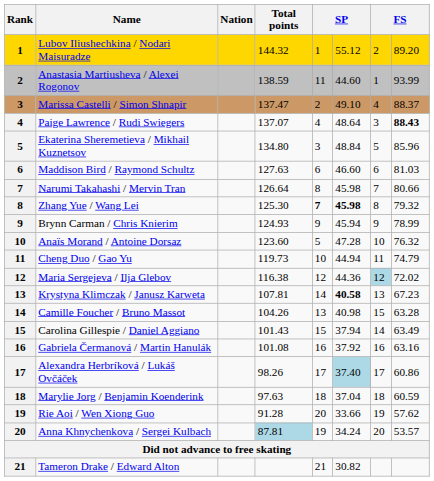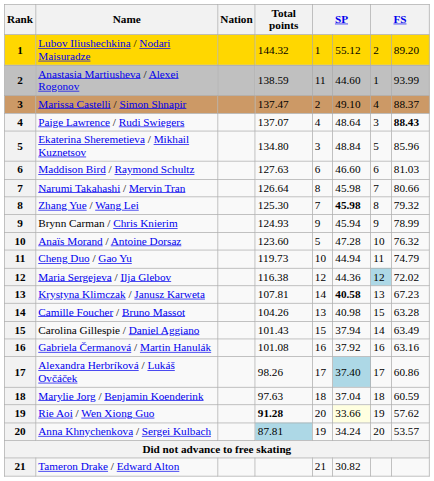 <table class="wikitable">
 <tr>
 <th>Rank</th>
 <th>Name</th>
 <th>Nation</th>
 <th>Total points</th>
 <th colspan="2" width="80px"><a href='#'>SP</a></th>
 <th colspan="2" width="80px"><a href='#'>FS</a></th>
 </tr>
 <tr bgcolor=gold>
 <td align=center><strong>1</strong></td>
 <td><a href='#'>Lubov Iliushechkina</a> / <a href='#'>Nodari Maisuradze</a></td>
 <td></td>
 <td>144.32</td>
 <td>1</td>
 <td>55.12</td>
 <td>2</td>
 <td>89.20</td>
 </tr>
 <tr bgcolor=silver>
 <td align=center><strong>2</strong></td>
 <td><a href='#'>Anastasia Martiusheva</a> / <a href='#'>Alexei Rogonov</a></td>
 <td></td>
 <td>138.59</td>
 <td>11</td>
 <td>44.60</td>
 <td>1</td>
 <td>93.99</td>
 </tr>
 <tr bgcolor=cc9966>
 <td align=center><strong>3</strong></td>
 <td><a href='#'>Marissa Castelli</a> / <a href='#'>Simon Shnapir</a></td>
 <td></td>
 <td>137.47</td>
 <td>2</td>
 <td>49.10</td>
 <td>4</td>
 <td>88.37</td>
 </tr>
 <tr>
 <th>4</th>
 <td><a href='#'>Paige Lawrence</a> / <a href='#'>Rudi Swiegers</a></td>
 <td></td>
 <td>137.07</td>
 <td>4</td>
 <td>48.64</td>
 <td>3</td>
 <td><strong>88.43</strong></td>
 </tr>
 <tr>
 <th>5</th>
 <td><a href='#'>Ekaterina Sheremetieva</a> / <a href='#'>Mikhail Kuznetsov</a></td>
 <td></td>
 <td>134.80</td>
 <td>3</td>
 <td>48.84</td>
 <td>5</td>
 <td>85.96</td>
 </tr>
 <tr>
 <th>6</th>
 <td><a href='#'>Maddison Bird</a> / <a href='#'>Raymond Schultz</a></td>
 <td></td>
 <td>127.63</td>
 <td>6</td>
 <td>46.60</td>
 <td>6</td>
 <td>81.03</td>
 </tr>
 <tr>
 <th>7</th>
 <td><a href='#'>Narumi Takahashi</a> / <a href='#'>Mervin Tran</a></td>
 <td></td>
 <td>126.64</td>
 <td>8</td>
 <td>45.98</td>
 <td>7</td>
 <td>80.66</td>
 </tr>
 <tr>
 <th>8</th>
 <td><a href='#'>Zhang Yue</a> / <a href='#'>Wang Lei</a></td>
 <td></td>
 <td>125.30</td>
-<td><strong>7</strong></td>
+<td>7</td>
 <td><strong>45.98</strong></td>
 <td>8</td>
 <td>79.32</td>
 </tr>
 <tr>
 <th>9</th>
 <td>Brynn Carman / <a href='#'>Chris Knierim</a></td>
 <td></td>
 <td>124.93</td>
 <td>9</td>
 <td>45.94</td>
 <td>9</td>
 <td>78.99</td>
 </tr>
 <tr>
 <th>10</th>
 <td><a href='#'>Anaïs Morand</a> / <a href='#'>Antoine Dorsaz</a></td>
 <td></td>
 <td>123.60</td>
 <td>5</td>
 <td>47.28</td>
 <td>10</td>
 <td>76.32</td>
 </tr>
 <tr>
 <th>11</th>
 <td><a href='#'>Cheng Duo</a> / <a href='#'>Gao Yu</a></td>
 <td></td>
 <td>119.73</td>
 <td>10</td>
 <td>44.94</td>
 <td>11</td>
 <td>74.79</td>
 </tr>
 <tr>
 <th>12</th>
 <td><a href='#'>Maria Sergejeva</a> / <a href='#'>Ilja Glebov</a></td>
 <td></td>
 <td>116.38</td>
 <td>12</td>
 <td>44.36</td>
 <td style="background: lightblue;">12</td>
 <td>72.02</td>
 </tr>
 <tr>
 <th>13</th>
 <td><a href='#'>Krystyna Klimczak</a> / <a href='#'>Janusz Karweta</a></td>
 <td></td>
 <td>107.81</td>
 <td>14</td>
 <td><strong>40.58</strong></td>
 <td>13</td>
 <td>67.23</td>
 </tr>
 <tr>
 <th>14</th>
 <td><a href='#'>Camille Foucher</a> / <a href='#'>Bruno Massot</a></td>
 <td></td>
 <td>104.26</td>
 <td>13</td>
 <td>40.98</td>
 <td>15</td>
 <td>63.28</td>
 </tr>
 <tr>
 <th>15</th>
 <td>Carolina Gillespie / <a href='#'>Daniel Aggiano</a></td>
 <td></td>
 <td>101.43</td>
 <td>15</td>
 <td>37.94</td>
 <td>14</td>
 <td>63.49</td>
 </tr>
 <tr>
 <th>16</th>
 <td><a href='#'>Gabriela Čermanová</a> / <a href='#'>Martin Hanulák</a></td>
 <td></td>
 <td>101.08</td>
 <td>16</td>
 <td>37.92</td>
 <td>16</td>
 <td>63.16</td>
 </tr>
 <tr>
 <th>17</th>
 <td><a href='#'>Alexandra Herbríková</a> / <a href='#'>Lukáš Ovčáček</a></td>
 <td></td>
 <td>98.26</td>
 <td>17</td>
 <td style="background: lightblue;">37.40</td>
 <td>17</td>
 <td>60.86</td>
 </tr>
 <tr>
 <th>18</th>
 <td><a href='#'>Marylie Jorg</a> / <a href='#'>Benjamin Koenderink</a></td>
 <td></td>
 <td>97.63</td>
 <td>18</td>
 <td>37.04</td>
 <td>18</td>
 <td>60.59</td>
 </tr>
 <tr>
 <th>19</th>
 <td><a href='#'>Rie Aoi</a> / <a href='#'>Wen Xiong Guo</a></td>
 <td></td>
-<td>91.28</td>
+<td><strong>91.28</strong></td>
 <td>20</td>
-<td>33.66</td>
+<td style="background: lightyellow;">33.66</td>
 <td>19</td>
 <td>57.62</td>
 </tr>
 <tr>
 <th>20</th>
 <td><a href='#'>Anna Khnychenkova</a> / <a href='#'>Sergei Kulbach</a></td>
 <td></td>
 <td style="background: lightblue;">87.81</td>
 <td>19</td>
 <td>34.24</td>
 <td>20</td>
 <td>53.57</td>
 </tr>
 <tr>
 <th colspan=8>Did not advance to free skating</th>
 </tr>
 <tr>
 <th>21</th>
 <td><a href='#'>Tameron Drake</a> / <a href='#'>Edward Alton</a></td>
 <td></td>
 <td></td>
 <td>21</td>
 <td>30.82</td>
 <td></td>
 <td></td>
 </tr>
 </table>
